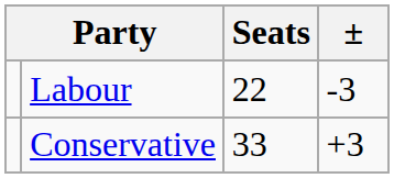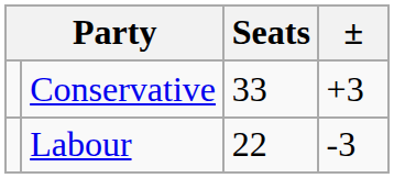 <table class="wikitable">
 <tr>
 <th colspan="2">Party</th>
 <th>Seats</th>
 <th>  ±  </th>
 </tr>
 <tr>
 <td style="background-color: "></td>
+<td><a href='#'>Conservative</a></td>
+<td>33</td>
+<td>+3</td>
+</tr>
+<tr>
+<td style="background-color: "></td>
 <td><a href='#'>Labour</a></td>
 <td>22</td>
 <td>-3</td>
 </tr>
-<tr>
-<td style="background-color: "></td>
-<td><a href='#'>Conservative</a></td>
-<td>33</td>
-<td>+3</td>
-</tr>
 </table>
